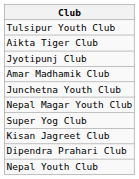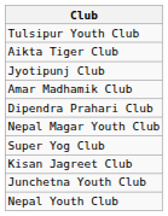 <table class="wikitable" border="1">
 <tr>
 <th>Club</th>
 </tr>
 <tr>
 <td>Tulsipur Youth Club</td>
 </tr>
 <tr>
 <td>Aikta Tiger Club</td>
 </tr>
 <tr>
 <td>Jyotipunj Club</td>
 </tr>
 <tr>
 <td>Amar Madhamik Club</td>
 </tr>
 <tr>
-<td>Junchetna Youth Club</td>
+<td>Dipendra Prahari Club</td>
 </tr>
 <tr>
 <td>Nepal Magar Youth Club</td>
 </tr>
 <tr>
 <td>Super Yog Club</td>
 </tr>
 <tr>
 <td>Kisan Jagreet Club</td>
 </tr>
 <tr>
-<td>Dipendra Prahari Club</td>
+<td>Junchetna Youth Club</td>
 </tr>
 <tr>
 <td>Nepal Youth Club</td>
 </tr>
 </table>
